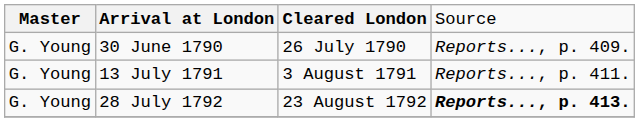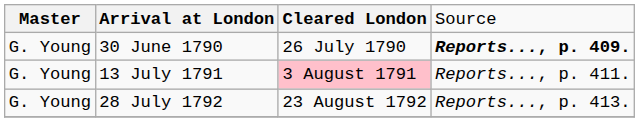 <table class="sortable wikitable">
 <tr>
 <th>Master</th>
 <th>Arrival at London</th>
 <th>Cleared London</th>
 <td>Source</td>
 </tr>
 <tr>
 <td>G. Young</td>
 <td>30 June 1790</td>
 <td>26 July 1790</td>
-<td><em>Reports...</em>, p. 409.</td>
+<td><strong><em>Reports...</em>, p. 409.</strong></td>
 </tr>
 <tr>
 <td>G. Young</td>
 <td>13 July 1791</td>
-<td>3 August 1791</td>
+<td style="background: pink;">3 August 1791</td>
 <td><em>Reports...</em>, p. 411.</td>
 </tr>
 <tr>
 <td>G. Young</td>
 <td>28 July 1792</td>
 <td>23 August 1792</td>
-<td><strong><em>Reports...</em>, p. 413.</strong></td>
+<td><em>Reports...</em>, p. 413.</td>
 </tr>
 <tr>
 </tr>
 </table>
